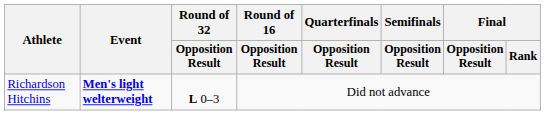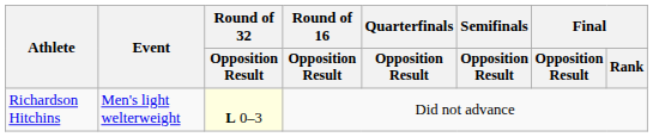 <table class="wikitable" style="font-size:90%">
 <tr>
 <th rowspan="2">Athlete</th>
 <th rowspan="2">Event</th>
 <th>Round of 32</th>
 <th>Round of 16</th>
 <th>Quarterfinals</th>
 <th>Semifinals</th>
 <th colspan=2>Final</th>
 </tr>
 <tr style="font-size:95%">
 <th>Opposition<br>Result</th>
 <th>Opposition<br>Result</th>
 <th>Opposition<br>Result</th>
 <th>Opposition<br>Result</th>
 <th>Opposition<br>Result</th>
 <th>Rank</th>
 </tr>
 <tr align=center>
 <td align=left><a href='#'>Richardson Hitchins</a></td>
-<td align=left><strong><a href='#'>Men's light welterweight</a></strong></td>
-<td><br><strong>L</strong> 0–3</td>
+<td align=left><a href='#'>Men's light welterweight</a></td>
+<td style="background: lightyellow;"><br><strong>L</strong> 0–3</td>
 <td colspan=5>Did not advance</td>
 </tr>
 </table>
